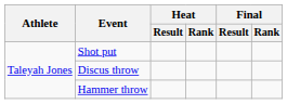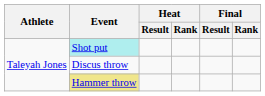 <table class="wikitable" style="font-size:90%">
 <tr>
 <th rowspan="2">Athlete</th>
 <th rowspan="2">Event</th>
 <th colspan="2">Heat</th>
 <th colspan="2">Final</th>
 </tr>
 <tr style="font-size:95%">
 <th>Result</th>
 <th>Rank</th>
 <th>Result</th>
 <th>Rank</th>
 </tr>
 <tr align=center>
 <td align=left rowspan=3><a href='#'>Taleyah Jones</a></td>
-<td align=left><a href='#'>Shot put</a></td>
+<td align=left style="background: paleturquoise;"><a href='#'>Shot put</a></td>
 <td></td>
 <td></td>
 <td></td>
 <td></td>
 </tr>
 <tr align=center>
 <td align=left><a href='#'>Discus throw</a></td>
 <td></td>
 <td></td>
 <td></td>
 <td></td>
 </tr>
 <tr align=center>
-<td align=left><a href='#'>Hammer throw</a></td>
+<td align=left style="background: khaki;"><a href='#'>Hammer throw</a></td>
 <td></td>
 <td></td>
 <td></td>
 <td></td>
 </tr>
 </table>
